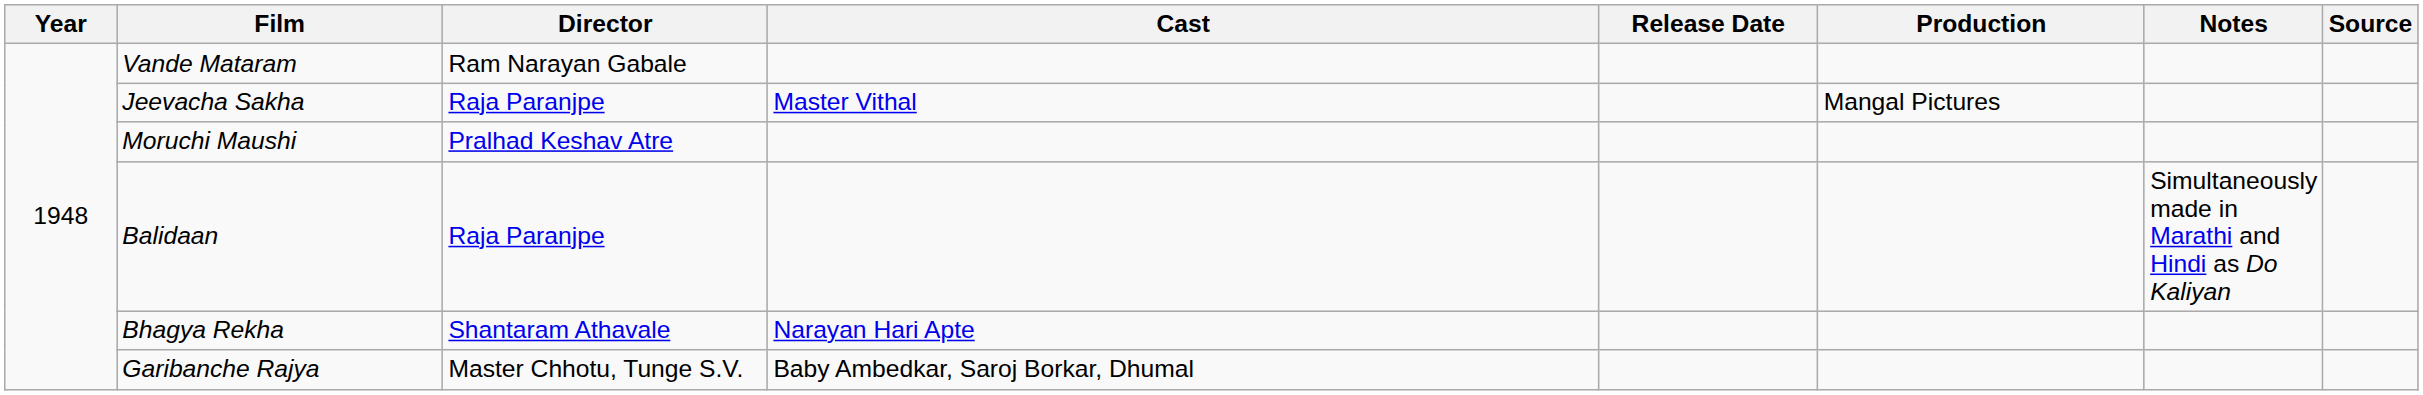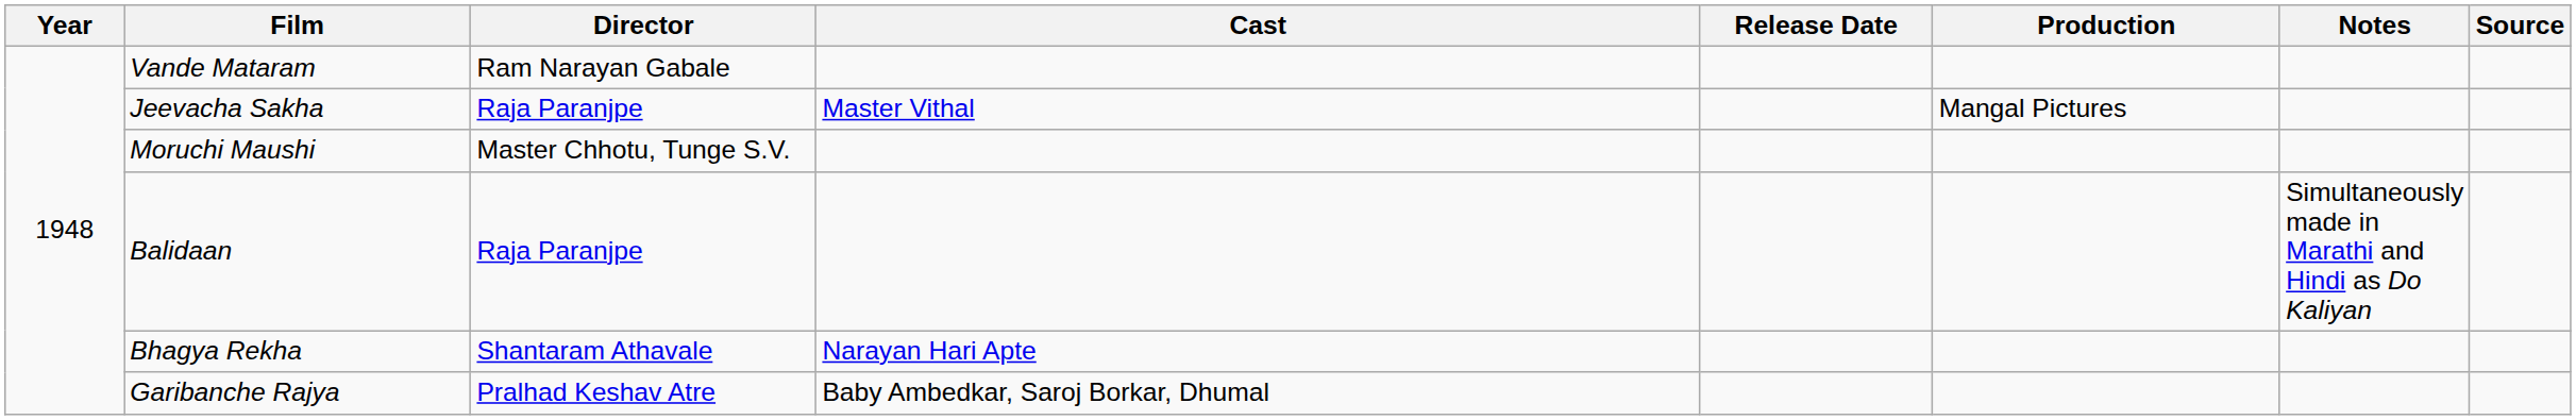 <table class ="wikitable sortable collapsible">
 <tr>
 <th style="width: 05%;">Year</th>
 <th style="width: 15%;">Film</th>
 <th style="width: 15%;">Director</th>
 <th style="width: 40%;" class="unsortable">Cast</th>
 <th style="width: 10%;">Release Date</th>
 <th style="width: 15%;" class="unsortable">Production</th>
 <th style="width: 15%;" class="unsortable">Notes</th>
 <th style="width: 15%;" class="unsortable">Source</th>
 </tr>
 <tr>
 <td rowspan=6 align="center">1948</td>
 <td><em>Vande Mataram</em></td>
 <td>Ram Narayan Gabale</td>
 <td></td>
 <td></td>
 <td></td>
 <td></td>
 <td></td>
 </tr>
 <tr>
 <td><em>Jeevacha Sakha</em></td>
 <td><a href='#'>Raja Paranjpe</a></td>
 <td><a href='#'>Master Vithal</a></td>
 <td></td>
 <td>Mangal Pictures</td>
 <td></td>
 <td></td>
 </tr>
 <tr>
 <td><em>Moruchi Maushi</em></td>
-<td><a href='#'>Pralhad Keshav Atre</a></td>
+<td>Master Chhotu, Tunge S.V.</td>
 <td></td>
 <td></td>
 <td></td>
 <td></td>
 <td></td>
 </tr>
 <tr>
 <td><em>Balidaan</em></td>
 <td><a href='#'>Raja Paranjpe</a></td>
 <td></td>
 <td></td>
 <td></td>
 <td>Simultaneously made in <a href='#'>Marathi</a> and <a href='#'>Hindi</a> as <em>Do Kaliyan</em></td>
 <td></td>
 </tr>
 <tr>
 <td><em>Bhagya Rekha</em></td>
 <td><a href='#'>Shantaram Athavale</a></td>
 <td><a href='#'>Narayan Hari Apte</a></td>
 <td></td>
 <td></td>
 <td></td>
 <td></td>
 </tr>
 <tr>
 <td><em>Garibanche Rajya</em></td>
-<td>Master Chhotu, Tunge S.V.</td>
+<td><a href='#'>Pralhad Keshav Atre</a></td>
 <td>Baby Ambedkar, Saroj Borkar, Dhumal</td>
 <td></td>
 <td></td>
 <td></td>
 <td></td>
 </tr>
 </table>
